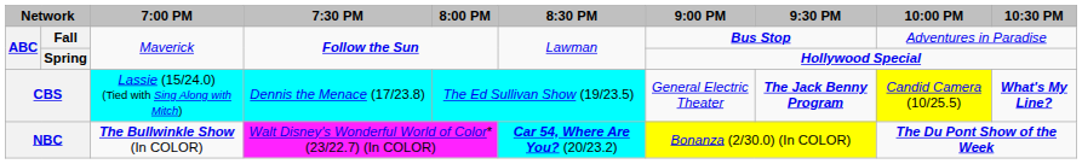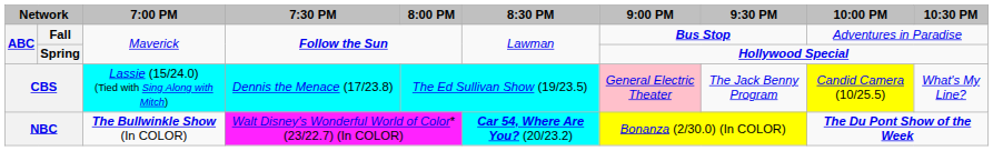 <table class="wikitable" style="width:100%;margin-right:0;text-align:center">
 <tr>
 <th colspan="2" style="background-color:#C0C0C0;text-align:center">Network</th>
 <th style="background-color:#C0C0C0;text-align:center">7:00 PM</th>
 <th style="background-color:#C0C0C0;text-align:center">7:30 PM</th>
 <th style="background-color:#C0C0C0;text-align:center">8:00 PM</th>
 <th style="background-color:#C0C0C0;text-align:center">8:30 PM</th>
 <th style="background-color:#C0C0C0;text-align:center">9:00 PM</th>
 <th style="background-color:#C0C0C0;text-align:center">9:30 PM</th>
 <th style="background-color:#C0C0C0;text-align:center">10:00 PM</th>
 <th style="background-color:#C0C0C0;text-align:center">10:30 PM</th>
 </tr>
 <tr>
 <th rowspan="2"><a href='#'>ABC</a></th>
 <th>Fall</th>
 <td rowspan="2"><em><a href='#'>Maverick</a></em> </td>
 <td colspan="2" rowspan="2"><strong><em><a href='#'>Follow the Sun</a></em></strong></td>
 <td rowspan="2"><em><a href='#'>Lawman</a></em></td>
 <td colspan="2"><strong><em><a href='#'>Bus Stop</a></em></strong></td>
 <td colspan="2"><em><a href='#'>Adventures in Paradise</a></em></td>
 </tr>
 <tr>
 <th>Spring</th>
 <td colspan="4"><strong><em><a href='#'>Hollywood Special</a></em></strong></td>
 </tr>
 <tr>
 <th colspan="2"><a href='#'>CBS</a></th>
 <td bgcolor="#00FFFF"><em><a href='#'>Lassie</a></em> (15/24.0)<br><small>(Tied with <em><a href='#'>Sing Along with Mitch</a></em>)</small></td>
 <td bgcolor="#00FFFF"><em><a href='#'>Dennis the Menace</a></em> (17/23.8)</td>
 <td colspan="2" bgcolor="#00FFFF"><em><a href='#'>The Ed Sullivan Show</a></em> (19/23.5)</td>
-<td><em><a href='#'>General Electric Theater</a></em></td>
-<td><strong><em><a href='#'>The Jack Benny Program</a></em></strong></td>
+<td style="background: pink;"><em><a href='#'>General Electric Theater</a></em></td>
+<td><em><a href='#'>The Jack Benny Program</a></em></td>
 <td bgcolor="#FFFF00"><em><a href='#'>Candid Camera</a></em> (10/25.5)</td>
-<td><strong><em><a href='#'>What's My Line?</a></em></strong></td>
+<td><em><a href='#'>What's My Line?</a></em></td>
 </tr>
 <tr>
 <th colspan="2"><a href='#'>NBC</a></th>
 <td><strong><em><a href='#'>The Bullwinkle Show</a></em></strong> (In <span>C</span><span>O</span><span>L</span><span>O</span><span>R</span>)</td>
 <td colspan="2" bgcolor="#FF22FF"><em><a href='#'>Walt Disney's Wonderful World of Color</a></em>* (23/22.7) (In <span>C</span><span>O</span><span>L</span><span>O</span><span>R</span>)</td>
 <td bgcolor="#00FFFF"><strong><em><a href='#'>Car 54, Where Are You?</a></em></strong> (20/23.2)</td>
 <td bgcolor="#FFFF00" colspan="2"><em><a href='#'>Bonanza</a></em> (2/30.0) (In <span>C</span><span>O</span><span>L</span><span>O</span><span>R</span>)</td>
 <td colspan="2"><strong><em><a href='#'>The Du Pont Show of the Week</a></em></strong></td>
 </tr>
 </table>
